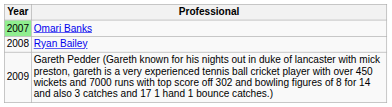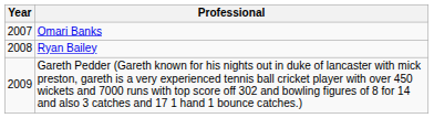 <table class="wikitable" border="1">
 <tr>
 <th>Year</th>
 <th>Professional</th>
 </tr>
 <tr>
-<td style="background: lightgreen;">2007</td>
+<td>2007</td>
 <td><a href='#'>Omari Banks</a></td>
 </tr>
 <tr>
 <td>2008</td>
 <td><a href='#'>Ryan Bailey</a></td>
 </tr>
 <tr>
 <td>2009</td>
 <td>Gareth Pedder (Gareth known for his nights out in duke of lancaster with mick preston, gareth is a very experienced tennis ball cricket player with over 450 wickets and 7000 runs with top score off 302 and bowling figures of 8 for 14 and also 3 catches and 17 1 hand 1 bounce catches.)</td>
 </tr>
 </table>
